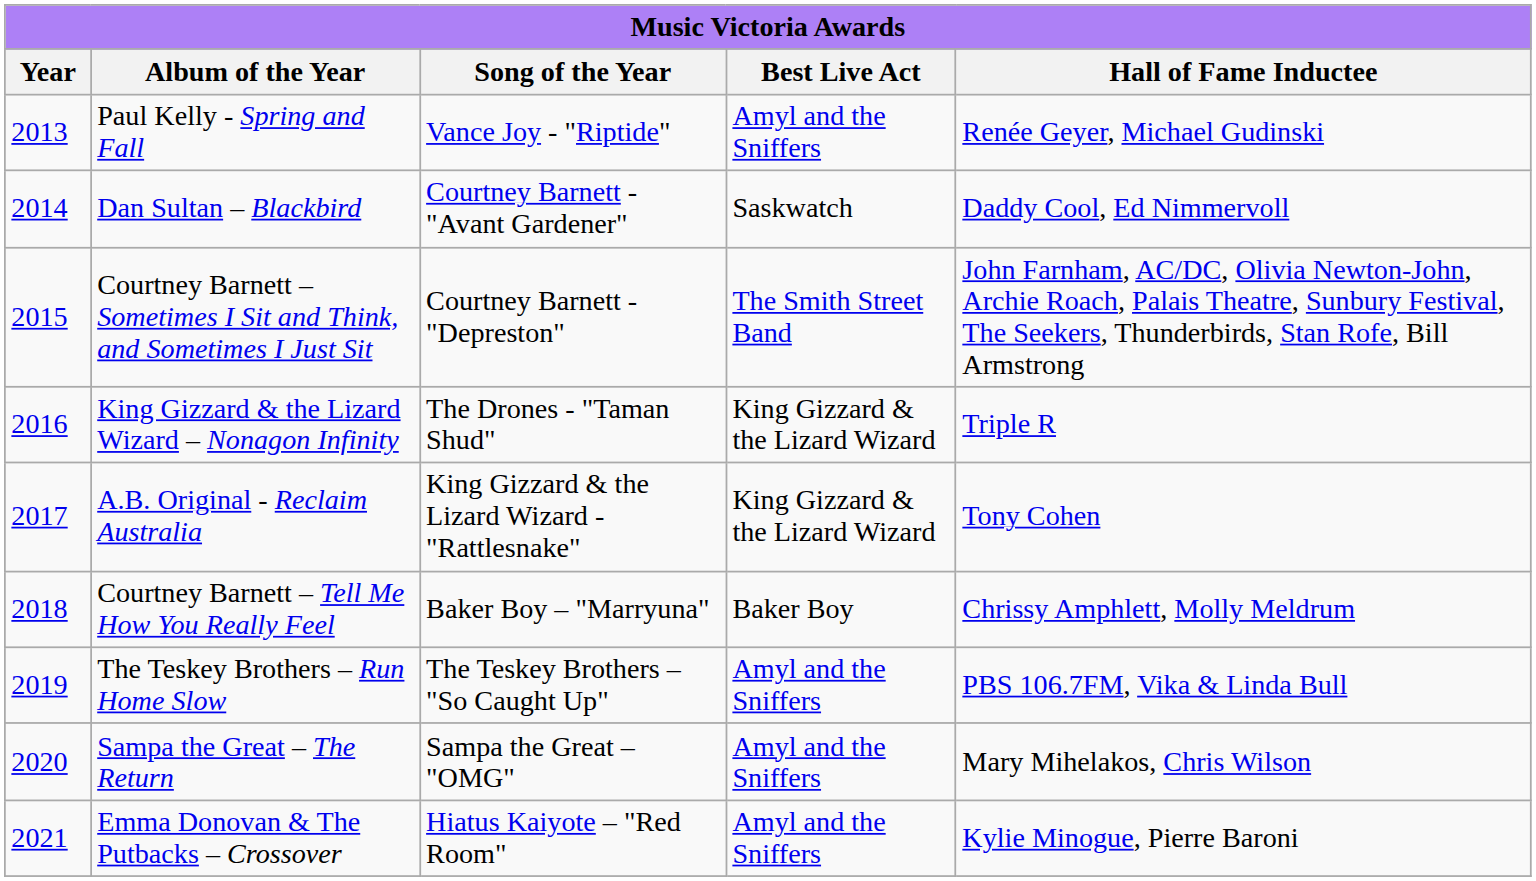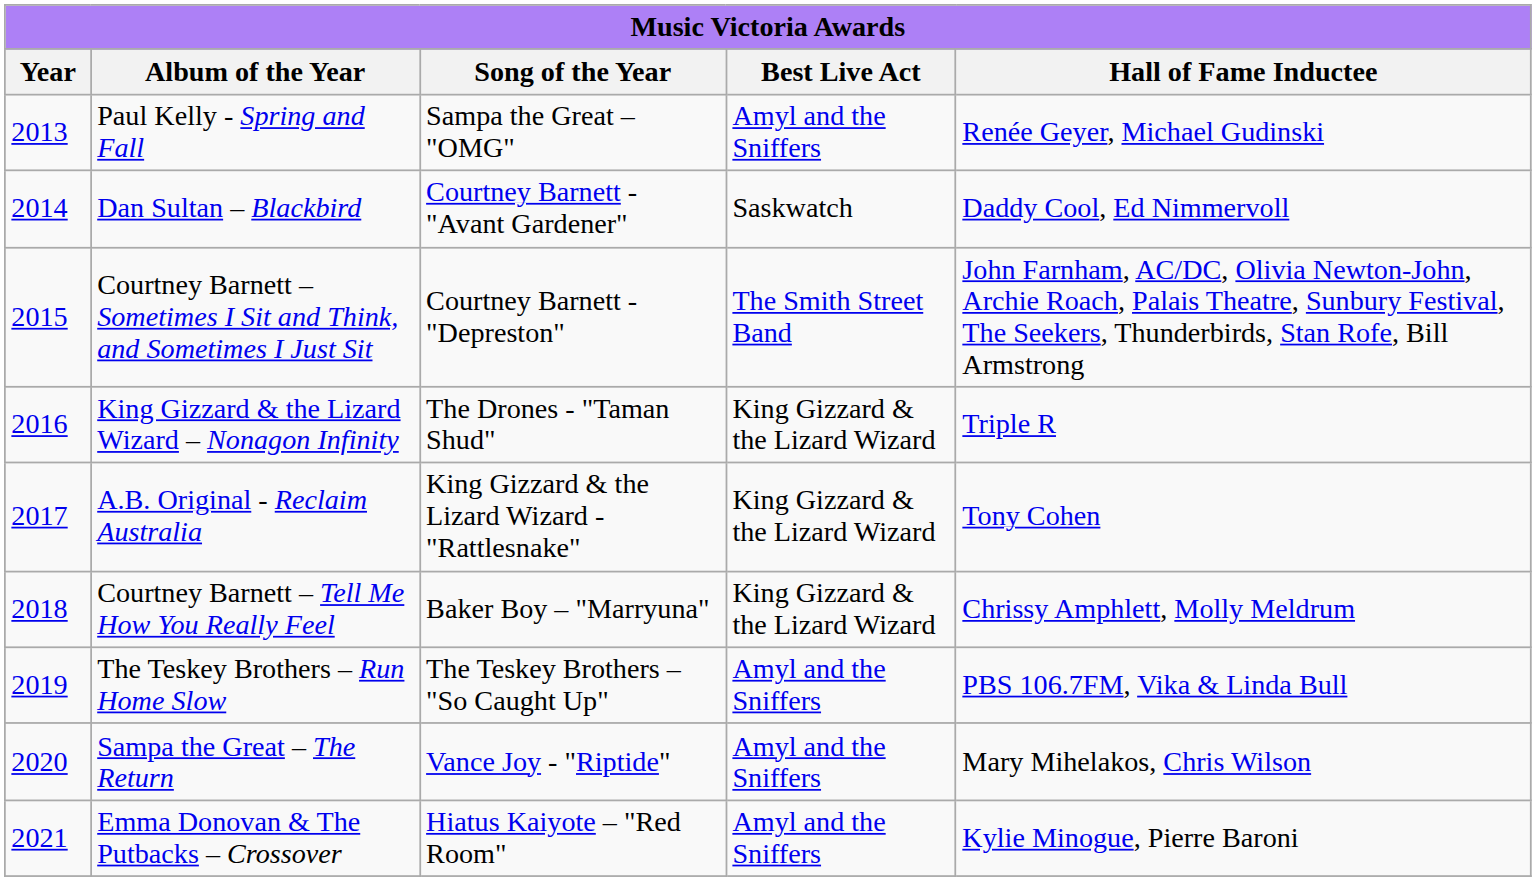 <table class="wikitable">
 <tr>
 <th colspan="5" style="width:15%;background:#AD80F6">Music Victoria Awards</th>
 </tr>
 <tr>
 <th>Year</th>
 <th>Album of the Year</th>
 <th>Song of the Year</th>
 <th>Best Live Act</th>
 <th>Hall of Fame Inductee</th>
 </tr>
 <tr>
 <td><a href='#'>2013</a></td>
 <td>Paul Kelly - <em><a href='#'>Spring and Fall</a></em></td>
-<td><a href='#'>Vance Joy</a> - "<a href='#'>Riptide</a>"</td>
+<td>Sampa the Great – "OMG"</td>
 <td><a href='#'>Amyl and the Sniffers</a></td>
 <td><a href='#'>Renée Geyer</a>, <a href='#'>Michael Gudinski</a></td>
 </tr>
 <tr>
 <td><a href='#'>2014</a></td>
 <td><a href='#'>Dan Sultan</a> – <em><a href='#'>Blackbird</a></em></td>
 <td><a href='#'>Courtney Barnett</a> - "Avant Gardener"</td>
 <td>Saskwatch</td>
 <td><a href='#'>Daddy Cool</a>, <a href='#'>Ed Nimmervoll</a></td>
 </tr>
 <tr>
 <td><a href='#'>2015</a></td>
 <td>Courtney Barnett – <em><a href='#'>Sometimes I Sit and Think, and Sometimes I Just Sit</a></em></td>
 <td>Courtney Barnett - "Depreston"</td>
 <td><a href='#'>The Smith Street Band</a></td>
 <td><a href='#'>John Farnham</a>, <a href='#'>AC/DC</a>, <a href='#'>Olivia Newton-John</a>, <a href='#'>Archie Roach</a>, <a href='#'>Palais Theatre</a>, <a href='#'>Sunbury Festival</a>, <a href='#'>The Seekers</a>, Thunderbirds, <a href='#'>Stan Rofe</a>, Bill Armstrong</td>
 </tr>
 <tr>
 <td><a href='#'>2016</a></td>
 <td><a href='#'>King Gizzard & the Lizard Wizard</a> – <em><a href='#'>Nonagon Infinity</a></em></td>
 <td>The Drones - "Taman Shud"</td>
 <td>King Gizzard & the Lizard Wizard</td>
 <td><a href='#'>Triple R</a></td>
 </tr>
 <tr>
 <td><a href='#'>2017</a></td>
 <td><a href='#'>A.B. Original</a> - <em><a href='#'>Reclaim Australia</a></em></td>
 <td>King Gizzard & the Lizard Wizard - "Rattlesnake"</td>
 <td>King Gizzard & the Lizard Wizard</td>
 <td><a href='#'>Tony Cohen</a></td>
 </tr>
 <tr>
 <td><a href='#'>2018</a></td>
 <td>Courtney Barnett – <em><a href='#'>Tell Me How You Really Feel</a></em></td>
 <td>Baker Boy – "Marryuna"</td>
-<td>Baker Boy</td>
+<td>King Gizzard & the Lizard Wizard</td>
 <td><a href='#'>Chrissy Amphlett</a>, <a href='#'>Molly Meldrum</a></td>
 </tr>
 <tr>
 <td><a href='#'>2019</a></td>
 <td>The Teskey Brothers – <em><a href='#'>Run Home Slow</a></em></td>
 <td>The Teskey Brothers – "So Caught Up"</td>
 <td><a href='#'>Amyl and the Sniffers</a></td>
 <td><a href='#'>PBS 106.7FM</a>, <a href='#'>Vika & Linda Bull</a></td>
 </tr>
 <tr>
 <td><a href='#'>2020</a></td>
 <td><a href='#'>Sampa the Great</a> – <em><a href='#'>The Return</a></em></td>
-<td>Sampa the Great – "OMG"</td>
+<td><a href='#'>Vance Joy</a> - "<a href='#'>Riptide</a>"</td>
 <td><a href='#'>Amyl and the Sniffers</a></td>
 <td>Mary Mihelakos, <a href='#'>Chris Wilson</a></td>
 </tr>
 <tr>
 <td><a href='#'>2021</a></td>
 <td><a href='#'>Emma Donovan & The Putbacks</a> – <em>Crossover</em></td>
 <td><a href='#'>Hiatus Kaiyote</a> – "Red Room"</td>
 <td><a href='#'>Amyl and the Sniffers</a></td>
 <td><a href='#'>Kylie Minogue</a>, Pierre Baroni</td>
 </tr>
 </table>
